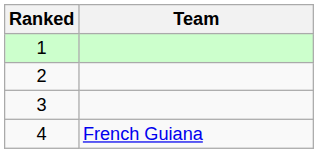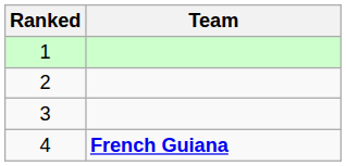 <table class="wikitable" style="text-align:center; font-size:90%">
 <tr>
 <th width=40>Ranked</th>
 <th width=180>Team</th>
 </tr>
 <tr bgcolor="ccffcc">
 <td style="text-align:center">1</td>
 <td style="text-align:left"></td>
 </tr>
 <tr>
 <td style="text-align:center">2</td>
 <td style="text-align:left"></td>
 </tr>
 <tr>
 <td style="text-align:center">3</td>
 <td style="text-align:left"></td>
 </tr>
 <tr>
 <td style="text-align:center">4</td>
-<td style="text-align:left"> <a href='#'>French Guiana</a></td>
+<td style="text-align:left"><strong> <a href='#'>French Guiana</a></strong></td>
 </tr>
 </table>
